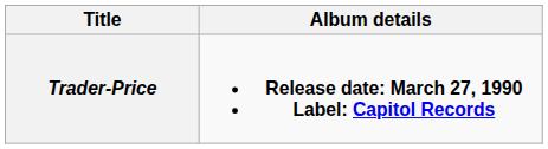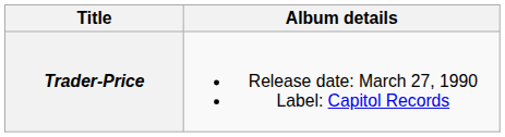 <table class="wikitable plainrowheaders" style="text-align:center;">
 <tr>
 <th style="width:10em;">Title</th>
 <th style="width:18em;">Album details</th>
 </tr>
 <tr>
 <th scope="row"><em>Trader-Price</em></th>
-<td><strong><br><ul><li>Release date: March 27, 1990</li><li>Label: <a href='#'>Capitol Records</a></li></ul></strong></td>
+<td><br><ul><li>Release date: March 27, 1990</li><li>Label: <a href='#'>Capitol Records</a></li></ul></td>
 </tr>
 </table>
